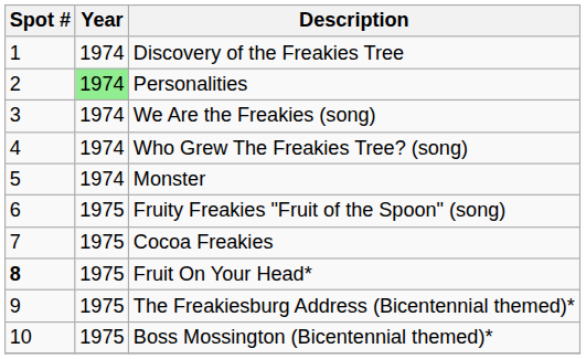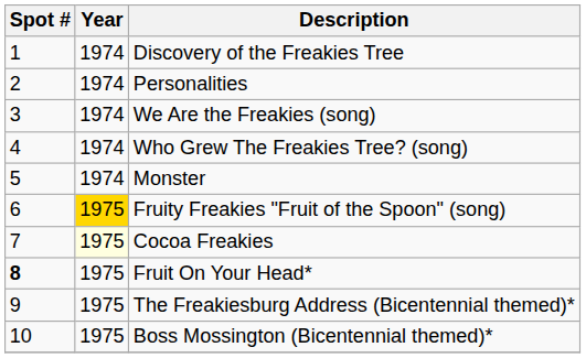 <table class="wikitable">
 <tr>
 <th>Spot #</th>
 <th>Year</th>
 <th>Description</th>
 </tr>
 <tr>
 <td>1</td>
 <td>1974</td>
 <td>Discovery of the Freakies Tree</td>
 </tr>
 <tr>
 <td>2</td>
-<td style="background: lightgreen;">1974</td>
+<td>1974</td>
 <td>Personalities</td>
 </tr>
 <tr>
 <td>3</td>
 <td>1974</td>
 <td>We Are the Freakies (song)</td>
 </tr>
 <tr>
 <td>4</td>
 <td>1974</td>
 <td>Who Grew The Freakies Tree? (song)</td>
 </tr>
 <tr>
 <td>5</td>
 <td>1974</td>
 <td>Monster</td>
 </tr>
 <tr>
 <td>6</td>
-<td>1975</td>
+<td style="background: gold;">1975</td>
 <td>Fruity Freakies "Fruit of the Spoon" (song)</td>
 </tr>
 <tr>
 <td>7</td>
-<td>1975</td>
+<td style="background: lightyellow;">1975</td>
 <td>Cocoa Freakies</td>
 </tr>
 <tr>
 <td><strong>8</strong></td>
 <td>1975</td>
 <td>Fruit On Your Head*</td>
 </tr>
 <tr>
 <td>9</td>
 <td>1975</td>
 <td>The Freakiesburg Address (Bicentennial themed)*</td>
 </tr>
 <tr>
 <td>10</td>
 <td>1975</td>
 <td>Boss Mossington (Bicentennial themed)*</td>
 </tr>
 <tr>
 </tr>
 </table>
